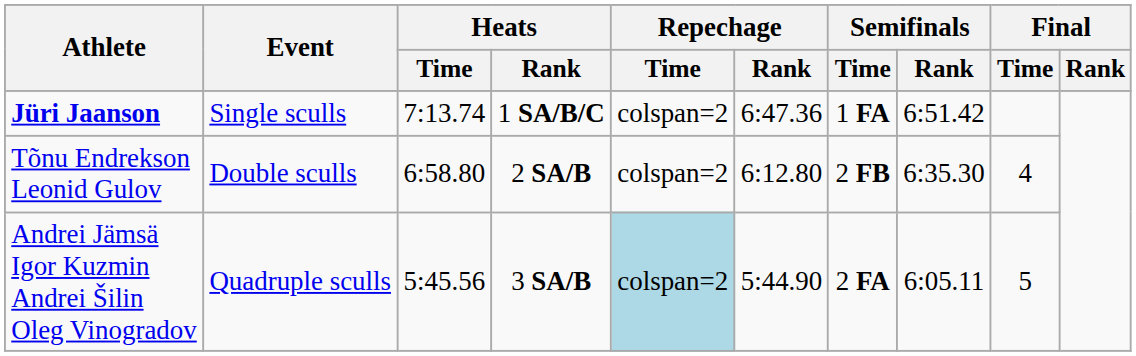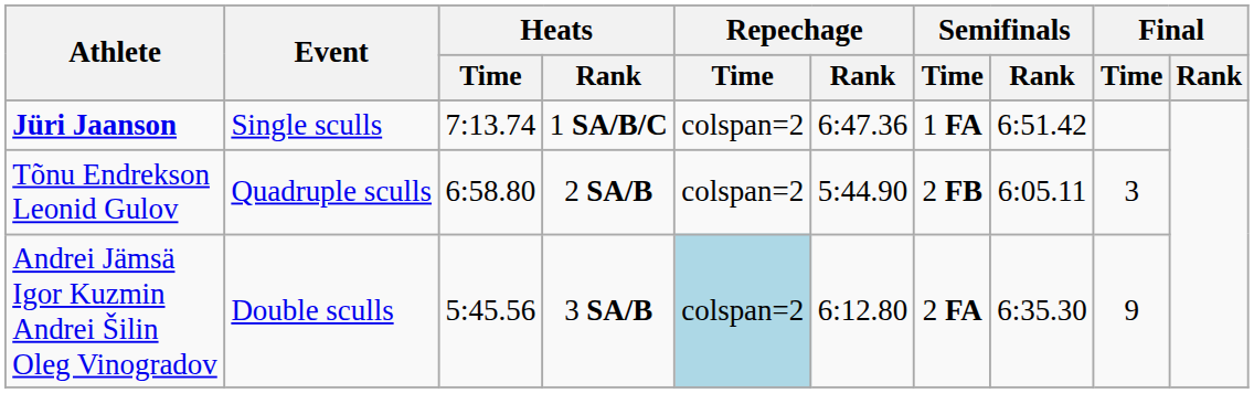 <table class="wikitable" style="font-size:90%;">
 <tr>
 <th rowspan="2">Athlete</th>
 <th rowspan="2">Event</th>
 <th colspan="2">Heats</th>
 <th colspan="2">Repechage</th>
 <th colspan="2">Semifinals</th>
 <th colspan="2">Final</th>
 </tr>
 <tr style="font-size:95%">
 <th>Time</th>
 <th>Rank</th>
 <th>Time</th>
 <th>Rank</th>
 <th>Time</th>
 <th>Rank</th>
 <th>Time</th>
 <th>Rank</th>
 </tr>
 <tr align=center>
 <td align=left><strong><a href='#'>Jüri Jaanson</a></strong></td>
 <td align=left><a href='#'>Single sculls</a></td>
 <td>7:13.74</td>
 <td>1 <strong>SA/B/C</strong></td>
 <td>colspan=2 </td>
 <td>6:47.36</td>
 <td>1 <strong>FA</strong></td>
 <td>6:51.42</td>
 <td></td>
 </tr>
 <tr align=center>
 <td align=left><a href='#'>Tõnu Endrekson</a><br><a href='#'>Leonid Gulov</a></td>
-<td align=left><a href='#'>Double sculls</a></td>
+<td align=left><a href='#'>Quadruple sculls</a></td>
 <td>6:58.80</td>
 <td>2 <strong>SA/B</strong></td>
 <td>colspan=2 </td>
-<td>6:12.80</td>
+<td>5:44.90</td>
 <td>2 <strong>FB</strong></td>
-<td>6:35.30</td>
-<td>4</td>
+<td>6:05.11</td>
+<td>3</td>
 </tr>
 <tr align=center>
 <td align=left><a href='#'>Andrei Jämsä</a><br><a href='#'>Igor Kuzmin</a><br><a href='#'>Andrei Šilin</a><br><a href='#'>Oleg Vinogradov</a></td>
-<td align=left><a href='#'>Quadruple sculls</a></td>
+<td align=left><a href='#'>Double sculls</a></td>
 <td>5:45.56</td>
 <td>3 <strong>SA/B</strong></td>
 <td style="background: lightblue;">colspan=2 </td>
-<td>5:44.90</td>
+<td>6:12.80</td>
 <td>2 <strong>FA</strong></td>
-<td>6:05.11</td>
-<td>5</td>
+<td>6:35.30</td>
+<td>9</td>
 </tr>
 </table>
